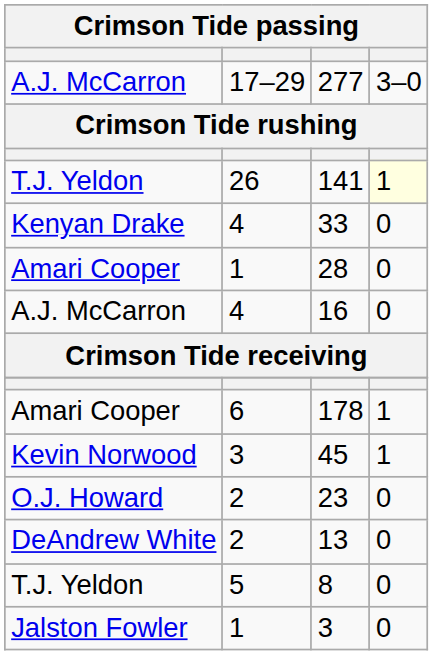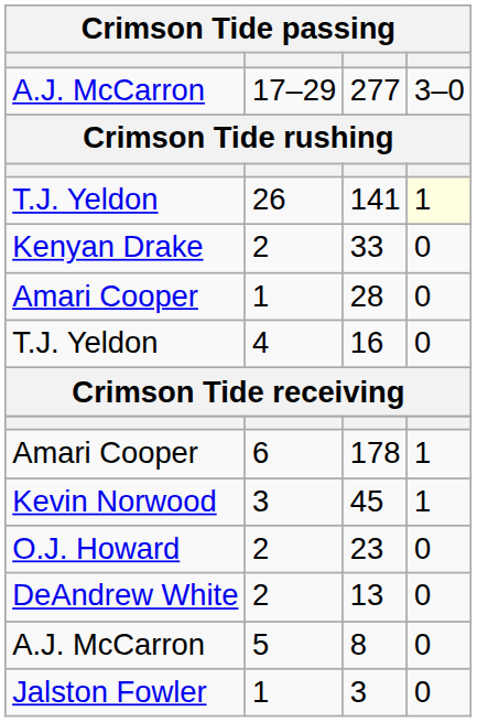 <table class="wikitable plainrowheaders">
 <tr>
 <th colspan="6">Crimson Tide passing</th>
 </tr>
 <tr>
 <th scope="col"></th>
 <th scope="col"></th>
 <th scope="col"></th>
 <th scope="col"></th>
 </tr>
 <tr>
 <td><a href='#'>A.J. McCarron</a></td>
 <td>17–29</td>
 <td>277</td>
 <td>3–0</td>
 </tr>
 <tr>
 <th colspan="6">Crimson Tide rushing</th>
 </tr>
 <tr>
 <th scope="col"></th>
 <th scope="col"></th>
 <th scope="col"></th>
 <th scope="col"></th>
 </tr>
 <tr>
 <td><a href='#'>T.J. Yeldon</a></td>
 <td>26</td>
 <td>141</td>
 <td style="background: lightyellow;">1</td>
 </tr>
 <tr>
 <td><a href='#'>Kenyan Drake</a></td>
-<td>4</td>
+<td>2</td>
 <td>33</td>
 <td>0</td>
 </tr>
 <tr>
 <td><a href='#'>Amari Cooper</a></td>
 <td>1</td>
 <td>28</td>
 <td>0</td>
 </tr>
 <tr>
-<td>A.J. McCarron</td>
+<td>T.J. Yeldon</td>
 <td>4</td>
 <td>16</td>
 <td>0</td>
 </tr>
 <tr>
 <th colspan="6">Crimson Tide receiving</th>
 </tr>
 <tr>
 </tr>
 <tr>
 <th scope="col"></th>
 <th scope="col"></th>
 <th scope="col"></th>
 <th scope="col"></th>
 </tr>
 <tr>
 <td>Amari Cooper</td>
 <td>6</td>
 <td>178</td>
 <td>1</td>
 </tr>
 <tr>
 <td><a href='#'>Kevin Norwood</a></td>
 <td>3</td>
 <td>45</td>
 <td>1</td>
 </tr>
 <tr>
 <td><a href='#'>O.J. Howard</a></td>
 <td>2</td>
 <td>23</td>
 <td>0</td>
 </tr>
 <tr>
 <td><a href='#'>DeAndrew White</a></td>
 <td>2</td>
 <td>13</td>
 <td>0</td>
 </tr>
 <tr>
-<td>T.J. Yeldon</td>
+<td>A.J. McCarron</td>
 <td>5</td>
 <td>8</td>
 <td>0</td>
 </tr>
 <tr>
 <td><a href='#'>Jalston Fowler</a></td>
 <td>1</td>
 <td>3</td>
 <td>0</td>
 </tr>
 </table>
